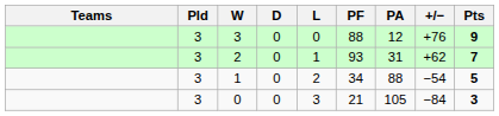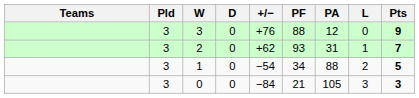 <table class="wikitable" style="text-align: center;">
 <tr>
 <th width="200">Teams</th>
 <th width="40">Pld</th>
 <th width="40">W</th>
 <th width="40">D</th>
-<th width="40">L</th>
+<th width="40">+/−</th>
 <th width="40">PF</th>
 <th width="40">PA</th>
-<th width="40">+/−</th>
+<th width="40">L</th>
 <th width="40">Pts</th>
 </tr>
 <tr bgcolor=ccffcc>
 <td align=left></td>
 <td>3</td>
 <td>3</td>
 <td>0</td>
-<td>0</td>
+<td>+76</td>
 <td>88</td>
 <td>12</td>
-<td>+76</td>
+<td>0</td>
 <td><strong>9</strong></td>
 </tr>
 <tr bgcolor=ccffcc>
 <td align=left></td>
 <td>3</td>
 <td>2</td>
 <td>0</td>
-<td>1</td>
+<td>+62</td>
 <td>93</td>
 <td>31</td>
-<td>+62</td>
+<td>1</td>
 <td><strong>7</strong></td>
 </tr>
 <tr>
 <td align=left></td>
 <td>3</td>
 <td>1</td>
 <td>0</td>
-<td>2</td>
+<td>−54</td>
 <td>34</td>
 <td>88</td>
-<td>−54</td>
+<td>2</td>
 <td><strong>5</strong></td>
 </tr>
 <tr>
 <td align=left></td>
 <td>3</td>
 <td>0</td>
 <td>0</td>
-<td>3</td>
+<td>−84</td>
 <td>21</td>
 <td>105</td>
-<td>−84</td>
+<td>3</td>
 <td><strong>3</strong></td>
 </tr>
 </table>
